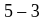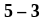 <table style="text-align:center">
 <tr>
 <th width=200></th>
 <th width=100></th>
 <th width=200></th>
 </tr>
 <tr>
 <td align=right><strong></strong></td>
-<td>5 – 3</td>
+<td><strong>5 – 3</strong></td>
 <td align=left></td>
 </tr>
 </table>
